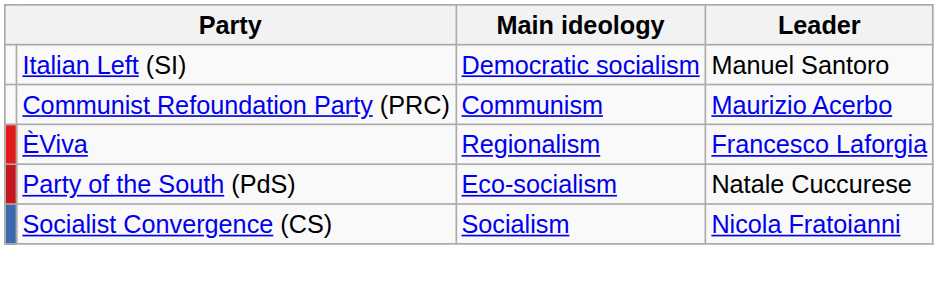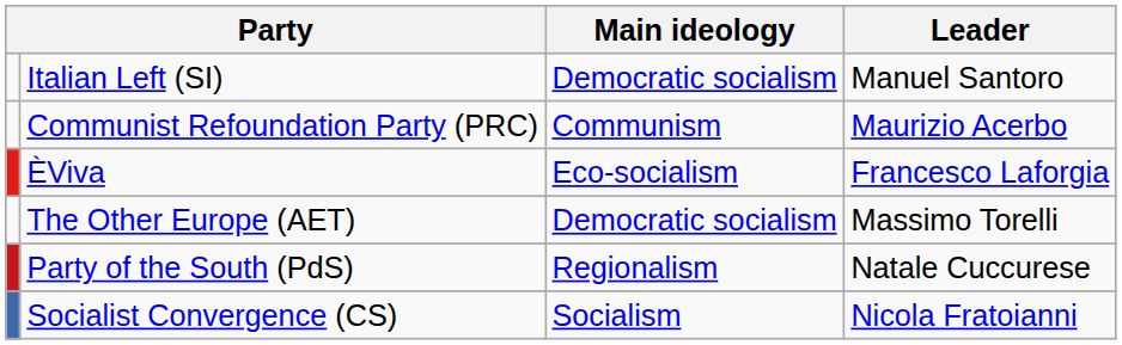 <table class="wikitable" style="font-size:95%">
 <tr>
 <th colspan=2>Party</th>
 <th>Main ideology</th>
 <th>Leader</th>
 </tr>
 <tr>
 <td></td>
 <td><a href='#'>Italian Left</a> (SI)</td>
 <td><a href='#'>Democratic socialism</a></td>
 <td>Manuel Santoro</td>
 </tr>
 <tr>
 <td></td>
 <td><a href='#'>Communist Refoundation Party</a> (PRC)</td>
 <td><a href='#'>Communism</a></td>
 <td><a href='#'>Maurizio Acerbo</a></td>
 </tr>
 <tr>
 <td bgcolor="#E41B17"></td>
 <td><a href='#'>ÈViva</a></td>
-<td><a href='#'>Regionalism</a></td>
+<td><a href='#'>Eco-socialism</a></td>
 <td><a href='#'>Francesco Laforgia</a></td>
+</tr>
+<tr>
+<td></td>
+<td><a href='#'>The Other Europe</a> (AET)</td>
+<td><a href='#'>Democratic socialism</a></td>
+<td>Massimo Torelli</td>
 </tr>
 <tr>
 <td bgcolor="#C6151D"></td>
 <td><a href='#'>Party of the South</a> (PdS)</td>
-<td><a href='#'>Eco-socialism</a></td>
+<td><a href='#'>Regionalism</a></td>
 <td>Natale Cuccurese</td>
 </tr>
 <tr>
 <td bgcolor="#3C69AC"></td>
 <td><a href='#'>Socialist Convergence</a> (CS)</td>
 <td><a href='#'>Socialism</a></td>
 <td><a href='#'>Nicola Fratoianni</a></td>
 </tr>
 </table>
